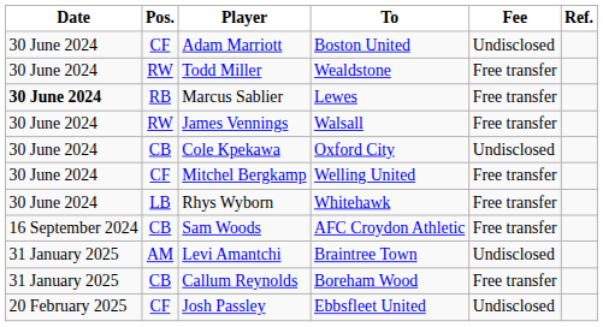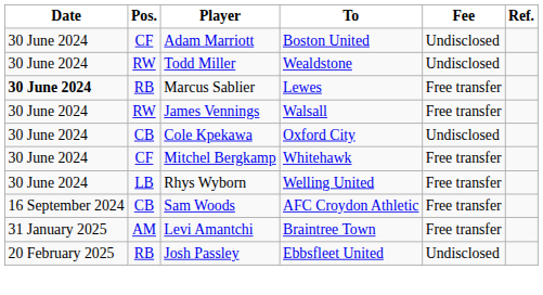 <table class="wikitable plainrowheaders sortable">
 <tr>
 <th style="background-color:#FFFFFF; color:#000000; ">Date</th>
 <th style="background-color:#FFFFFF; color:#000000; ">Pos.</th>
 <th style="background-color:#FFFFFF; color:#000000; ">Player</th>
 <th style="background-color:#FFFFFF; color:#000000; ">To</th>
 <th style="background-color:#FFFFFF; color:#000000; ">Fee</th>
 <th style="background-color:#FFFFFF; color:#000000; ">Ref.</th>
 </tr>
 <tr>
 <td>30 June 2024</td>
 <td style="text-align:center;"><a href='#'>CF</a></td>
 <td> <a href='#'>Adam Marriott</a></td>
 <td> <a href='#'>Boston United</a></td>
 <td>Undisclosed</td>
 <td></td>
 </tr>
 <tr>
 <td>30 June 2024</td>
 <td style="text-align:center;"><a href='#'>RW</a></td>
 <td> <a href='#'>Todd Miller</a></td>
 <td> <a href='#'>Wealdstone</a></td>
-<td>Free transfer</td>
+<td>Undisclosed</td>
 <td></td>
 </tr>
 <tr>
 <td><strong>30 June 2024</strong></td>
 <td style="text-align:center;"><a href='#'>RB</a></td>
 <td> Marcus Sablier</td>
 <td> <a href='#'>Lewes</a></td>
 <td>Free transfer</td>
 <td></td>
 </tr>
 <tr>
 <td>30 June 2024</td>
 <td style="text-align:center;"><a href='#'>RW</a></td>
 <td> <a href='#'>James Vennings</a></td>
 <td> <a href='#'>Walsall</a></td>
 <td>Free transfer</td>
 <td></td>
 </tr>
 <tr>
 <td>30 June 2024</td>
 <td style="text-align:center;"><a href='#'>CB</a></td>
 <td> <a href='#'>Cole Kpekawa</a></td>
 <td> <a href='#'>Oxford City</a></td>
 <td>Undisclosed</td>
 <td></td>
 </tr>
 <tr>
 <td>30 June 2024</td>
 <td style="text-align:center;"><a href='#'>CF</a></td>
 <td> <a href='#'>Mitchel Bergkamp</a></td>
-<td> <a href='#'>Welling United</a></td>
+<td> <a href='#'>Whitehawk</a></td>
 <td>Free transfer</td>
 <td></td>
 </tr>
 <tr>
 <td>30 June 2024</td>
 <td style="text-align:center;"><a href='#'>LB</a></td>
 <td> Rhys Wyborn</td>
-<td> <a href='#'>Whitehawk</a></td>
+<td> <a href='#'>Welling United</a></td>
 <td>Free transfer</td>
 <td></td>
 </tr>
 <tr>
 <td>16 September 2024</td>
 <td style="text-align:center;"><a href='#'>CB</a></td>
 <td> <a href='#'>Sam Woods</a></td>
 <td> <a href='#'>AFC Croydon Athletic</a></td>
 <td>Free transfer</td>
 <td></td>
 </tr>
 <tr>
 <td>31 January 2025</td>
 <td style="text-align:center;"><a href='#'>AM</a></td>
 <td> <a href='#'>Levi Amantchi</a></td>
 <td> <a href='#'>Braintree Town</a></td>
-<td>Undisclosed</td>
-<td></td>
-</tr>
-<tr>
-<td>31 January 2025</td>
-<td style="text-align:center;"><a href='#'>CB</a></td>
-<td> <a href='#'>Callum Reynolds</a></td>
-<td> <a href='#'>Boreham Wood</a></td>
 <td>Free transfer</td>
 <td></td>
 </tr>
 <tr>
 <td>20 February 2025</td>
-<td style="text-align:center;"><a href='#'>CF</a></td>
+<td style="text-align:center;"><a href='#'>RB</a></td>
 <td> <a href='#'>Josh Passley</a></td>
 <td> <a href='#'>Ebbsfleet United</a></td>
 <td>Undisclosed</td>
 <td></td>
 </tr>
 </table>
